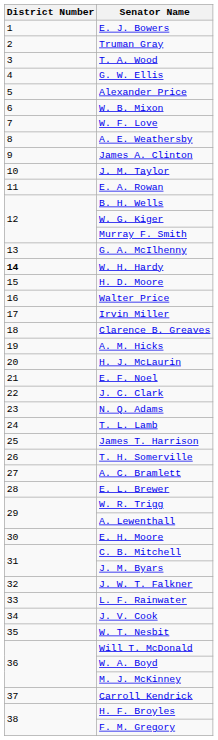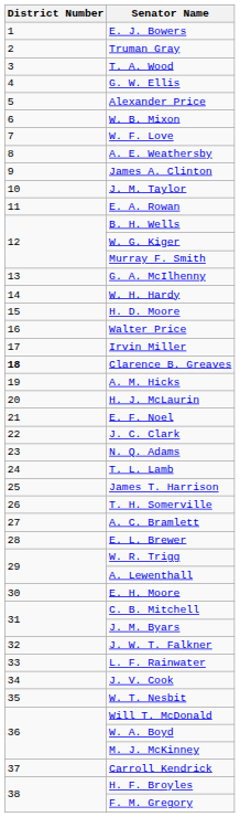 <table class="wikitable">
 <tr>
 <th>District Number</th>
 <th>Senator Name</th>
 </tr>
 <tr>
 <td>1</td>
 <td><a href='#'>E. J. Bowers</a></td>
 </tr>
 <tr>
 <td>2</td>
 <td><a href='#'>Truman Gray</a></td>
 </tr>
 <tr>
 <td>3</td>
 <td><a href='#'>T. A. Wood</a></td>
 </tr>
 <tr>
 <td>4</td>
 <td><a href='#'>G. W. Ellis</a></td>
 </tr>
 <tr>
 <td>5</td>
 <td><a href='#'>Alexander Price</a></td>
 </tr>
 <tr>
 <td>6</td>
 <td><a href='#'>W. B. Mixon</a></td>
 </tr>
 <tr>
 <td>7</td>
 <td><a href='#'>W. F. Love</a></td>
 </tr>
 <tr>
 <td>8</td>
 <td><a href='#'>A. E. Weathersby</a></td>
 </tr>
 <tr>
 <td>9</td>
 <td><a href='#'>James A. Clinton</a></td>
 </tr>
 <tr>
 <td>10</td>
 <td><a href='#'>J. M. Taylor</a></td>
 </tr>
 <tr>
 <td>11</td>
 <td><a href='#'>E. A. Rowan</a></td>
 </tr>
 <tr>
 <td rowspan="3">12</td>
 <td><a href='#'>B. H. Wells</a></td>
 </tr>
 <tr>
 <td><a href='#'>W. G. Kiger</a></td>
 </tr>
 <tr>
 <td><a href='#'>Murray F. Smith</a></td>
 </tr>
 <tr>
 <td>13</td>
 <td><a href='#'>G. A. McIlhenny</a></td>
 </tr>
 <tr>
-<td><strong>14</strong></td>
+<td>14</td>
 <td><a href='#'>W. H. Hardy</a></td>
 </tr>
 <tr>
 <td>15</td>
 <td><a href='#'>H. D. Moore</a></td>
 </tr>
 <tr>
 <td>16</td>
 <td><a href='#'>Walter Price</a></td>
 </tr>
 <tr>
 <td>17</td>
 <td><a href='#'>Irvin Miller</a></td>
 </tr>
 <tr>
-<td>18</td>
+<td><strong>18</strong></td>
 <td><a href='#'>Clarence B. Greaves</a></td>
 </tr>
 <tr>
 <td>19</td>
 <td><a href='#'>A. M. Hicks</a></td>
 </tr>
 <tr>
 <td>20</td>
 <td><a href='#'>H. J. McLaurin</a></td>
 </tr>
 <tr>
 <td>21</td>
 <td><a href='#'>E. F. Noel</a></td>
 </tr>
 <tr>
 <td>22</td>
 <td><a href='#'>J. C. Clark</a></td>
 </tr>
 <tr>
 <td>23</td>
 <td><a href='#'>N. Q. Adams</a></td>
 </tr>
 <tr>
 <td>24</td>
 <td><a href='#'>T. L. Lamb</a></td>
 </tr>
 <tr>
 <td>25</td>
 <td><a href='#'>James T. Harrison</a></td>
 </tr>
 <tr>
 <td>26</td>
 <td><a href='#'>T. H. Somerville</a></td>
 </tr>
 <tr>
 <td>27</td>
 <td><a href='#'>A. C. Bramlett</a></td>
 </tr>
 <tr>
 <td>28</td>
 <td><a href='#'>E. L. Brewer</a></td>
 </tr>
 <tr>
 <td rowspan="2">29</td>
 <td><a href='#'>W. R. Trigg</a></td>
 </tr>
 <tr>
 <td><a href='#'>A. Lewenthall</a></td>
 </tr>
 <tr>
 <td>30</td>
 <td><a href='#'>E. H. Moore</a></td>
 </tr>
 <tr>
 <td rowspan="2">31</td>
 <td><a href='#'>C. B. Mitchell</a></td>
 </tr>
 <tr>
 <td><a href='#'>J. M. Byars</a></td>
 </tr>
 <tr>
 <td>32</td>
 <td><a href='#'>J. W. T. Falkner</a></td>
 </tr>
 <tr>
 <td>33</td>
 <td><a href='#'>L. F. Rainwater</a></td>
 </tr>
 <tr>
 <td>34</td>
 <td><a href='#'>J. V. Cook</a></td>
 </tr>
 <tr>
 <td>35</td>
 <td><a href='#'>W. T. Nesbit</a></td>
 </tr>
 <tr>
 <td rowspan="3">36</td>
 <td><a href='#'>Will T. McDonald</a></td>
 </tr>
 <tr>
 <td><a href='#'>W. A. Boyd</a></td>
 </tr>
 <tr>
 <td><a href='#'>M. J. McKinney</a></td>
 </tr>
 <tr>
 <td>37</td>
 <td><a href='#'>Carroll Kendrick</a></td>
 </tr>
 <tr>
 <td rowspan="2">38</td>
 <td><a href='#'>H. F. Broyles</a></td>
 </tr>
 <tr>
 <td><a href='#'>F. M. Gregory</a></td>
 </tr>
 </table>
